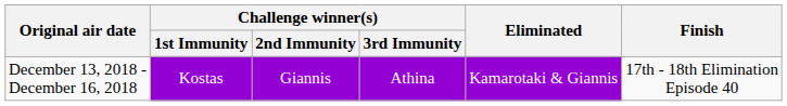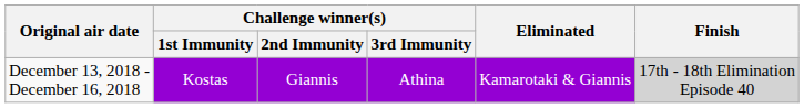 <table class="wikitable plainrowheaders" style="margin:auto; text-align:center">
 <tr>
 <th scope="col" rowspan="2">Original air date</th>
 <th scope="col" colspan="3">Challenge winner(s)</th>
 <th scope="col" rowspan="2">Eliminated</th>
 <th scope="col" rowspan="2">Finish</th>
 </tr>
 <tr>
 <th scope="col">1st Immunity</th>
 <th scope="col">2nd Immunity</th>
 <th scope="col">3rd Immunity</th>
 </tr>
 <tr>
 <td align="left" rowspan="1">December 13, 2018 -<br>December 16, 2018</td>
 <td style="background: DarkViolet; color: white; text-align: center;">Kostas</td>
 <td style="background: DarkViolet; color: white; text-align: center;">Giannis</td>
 <td style="background: DarkViolet; color: white; text-align: center;">Athina</td>
 <td style="background: DarkViolet; color: white; text-align: center;">Kamarotaki & Giannis</td>
-<td align="center">17th - 18th Elimination <br>Episode 40</td>
+<td align="center" style="background: lightgrey;">17th - 18th Elimination <br>Episode 40</td>
 </tr>
 </table>
